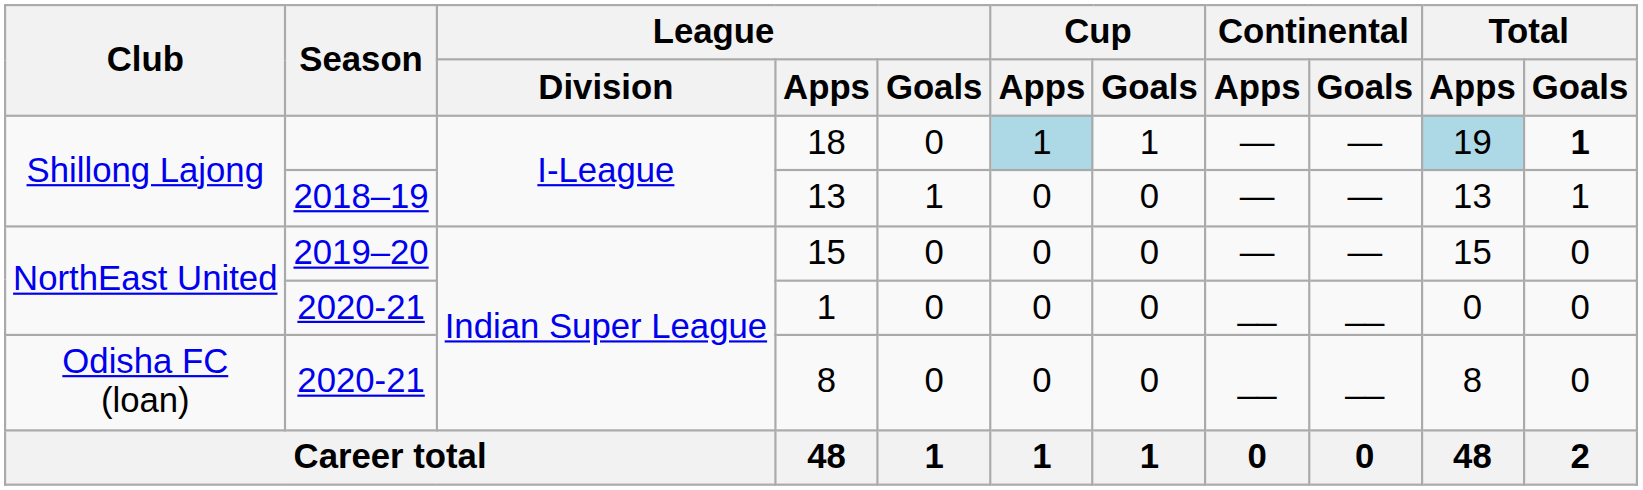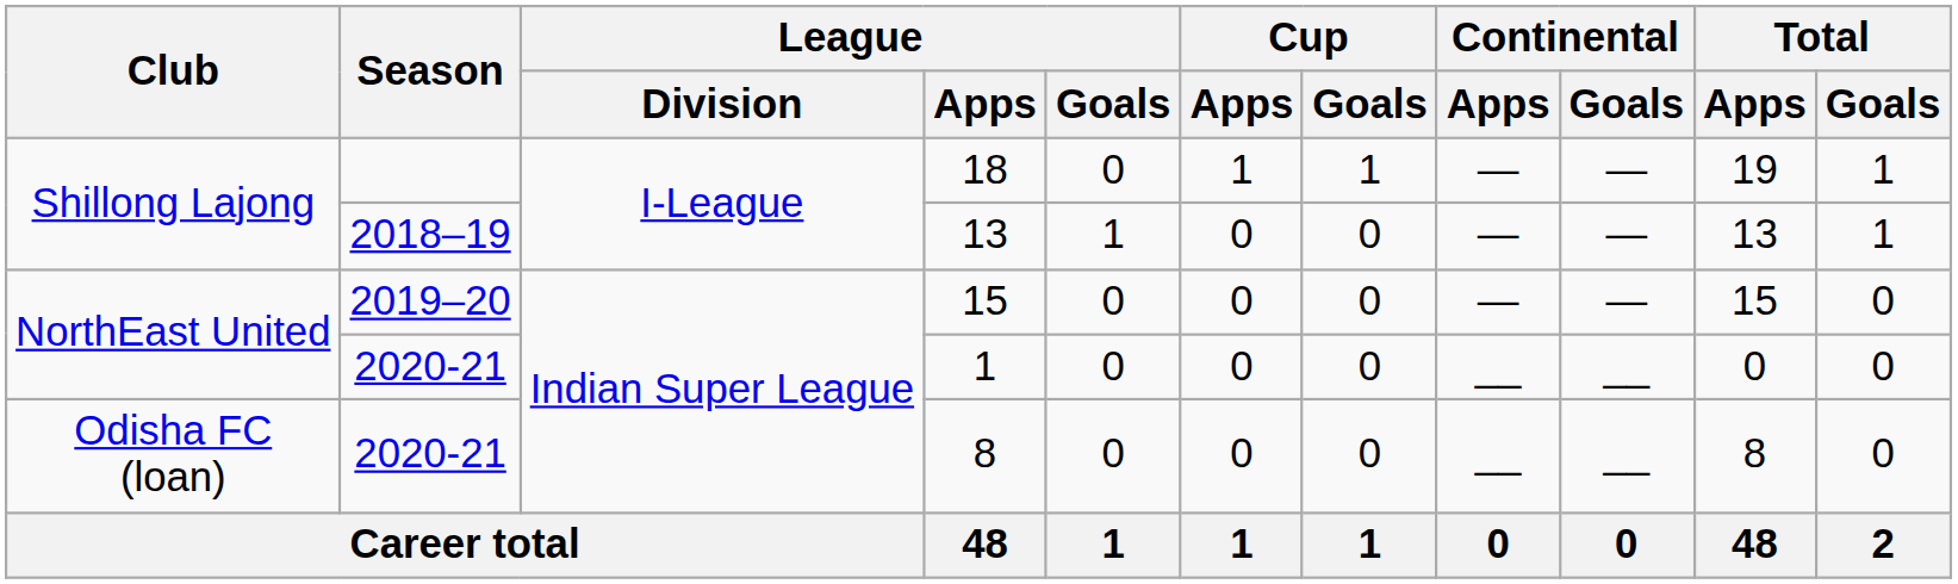 <table class="wikitable" style="text-align: center;">
 <tr>
 <th rowspan="2">Club</th>
 <th rowspan="2">Season</th>
 <th colspan="3">League</th>
 <th colspan="2">Cup</th>
 <th colspan="2">Continental</th>
 <th colspan="2">Total</th>
 </tr>
 <tr>
 <th>Division</th>
 <th>Apps</th>
 <th>Goals</th>
 <th>Apps</th>
 <th>Goals</th>
 <th>Apps</th>
 <th>Goals</th>
 <th>Apps</th>
 <th>Goals</th>
 </tr>
 <tr>
 <td rowspan="2"><a href='#'>Shillong Lajong</a></td>
 <td></td>
 <td rowspan="2"><a href='#'>I-League</a></td>
 <td>18</td>
 <td>0</td>
-<td style="background: lightblue;">1</td>
+<td>1</td>
 <td>1</td>
 <td>—</td>
 <td>—</td>
-<td style="background: lightblue;">19</td>
-<td><strong>1</strong></td>
+<td>19</td>
+<td>1</td>
 </tr>
 <tr>
 <td><a href='#'>2018–19</a></td>
 <td>13</td>
 <td>1</td>
 <td>0</td>
 <td>0</td>
 <td>—</td>
 <td>—</td>
 <td>13</td>
 <td>1</td>
 </tr>
 <tr>
 <td rowspan="2"><a href='#'>NorthEast United</a></td>
 <td><a href='#'>2019–20</a></td>
 <td rowspan="3"><a href='#'>Indian Super League</a></td>
 <td>15</td>
 <td>0</td>
 <td>0</td>
 <td>0</td>
 <td>—</td>
 <td>—</td>
 <td>15</td>
 <td>0</td>
 </tr>
 <tr>
 <td><a href='#'>2020-21</a></td>
 <td>1</td>
 <td>0</td>
 <td>0</td>
 <td>0</td>
 <td>__</td>
 <td>__</td>
 <td>0</td>
 <td>0</td>
 </tr>
 <tr>
 <td><a href='#'>Odisha FC</a><br>(loan)</td>
 <td><a href='#'>2020-21</a></td>
 <td>8</td>
 <td>0</td>
 <td>0</td>
 <td>0</td>
 <td>__</td>
 <td>__</td>
 <td>8</td>
 <td>0</td>
 </tr>
 <tr>
 <th colspan="3">Career total</th>
 <th>48</th>
 <th>1</th>
 <th>1</th>
 <th>1</th>
 <th>0</th>
 <th>0</th>
 <th>48</th>
 <th>2</th>
 </tr>
 </table>
